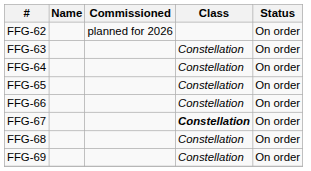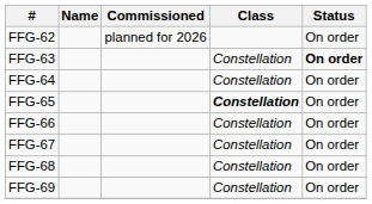 <table class="wikitable">
 <tr>
 <th>#</th>
 <th>Name</th>
 <th>Commissioned</th>
 <th>Class</th>
 <th>Status</th>
 </tr>
 <tr>
 <td>FFG-62</td>
 <td></td>
 <td>planned for 2026</td>
 <td></td>
 <td>On order</td>
 </tr>
 <tr>
 <td>FFG-63</td>
 <td></td>
 <td></td>
 <td><em>Constellation</em></td>
-<td>On order</td>
+<td><strong>On order</strong></td>
 </tr>
 <tr>
 <td>FFG-64</td>
 <td></td>
 <td></td>
 <td><em>Constellation</em></td>
 <td>On order</td>
 </tr>
 <tr>
 <td>FFG-65</td>
 <td></td>
 <td></td>
-<td><em>Constellation</em></td>
+<td><strong><em>Constellation</em></strong></td>
 <td>On order</td>
 </tr>
 <tr>
 <td>FFG-66</td>
 <td></td>
 <td></td>
 <td><em>Constellation</em></td>
 <td>On order</td>
 </tr>
 <tr>
 <td>FFG-67</td>
 <td></td>
 <td></td>
-<td><strong><em>Constellation</em></strong></td>
+<td><em>Constellation</em></td>
 <td>On order</td>
 </tr>
 <tr>
 <td>FFG-68</td>
 <td></td>
 <td></td>
 <td><em>Constellation</em></td>
 <td>On order</td>
 </tr>
 <tr>
 <td>FFG-69</td>
 <td></td>
 <td></td>
 <td><em>Constellation</em></td>
 <td>On order</td>
 </tr>
 <tr>
 </tr>
 </table>
